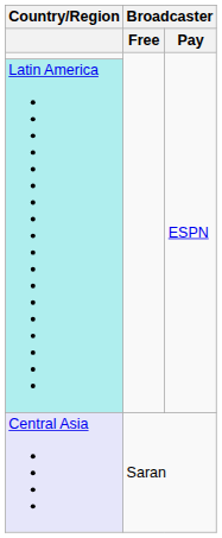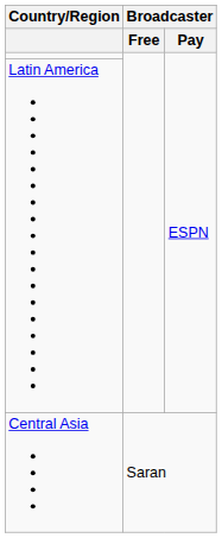 <table class="wikitable">
 <tr>
 <th>Country/Region</th>
 <th colspan="2">Broadcaster</th>
 </tr>
 <tr>
 <th></th>
 <th>Free</th>
 <th>Pay</th>
 </tr>
 <tr>
 <td></td>
 <td rowspan="2"></td>
 <td rowspan="2"><a href='#'>ESPN</a></td>
 </tr>
 <tr>
-<td style="background: paleturquoise;"><a href='#'>Latin America</a><br><ul><li></li><li></li><li></li><li></li><li></li><li></li><li></li><li></li><li></li><li></li><li></li><li></li><li></li><li></li><li></li><li></li><li></li><li></li></ul></td>
+<td><a href='#'>Latin America</a><br><ul><li></li><li></li><li></li><li></li><li></li><li></li><li></li><li></li><li></li><li></li><li></li><li></li><li></li><li></li><li></li><li></li><li></li><li></li></ul></td>
 </tr>
 <tr>
-<td style="background: lavender;"><a href='#'>Central Asia</a><br><ul><li></li><li></li><li></li><li></li></ul></td>
+<td><a href='#'>Central Asia</a><br><ul><li></li><li></li><li></li><li></li></ul></td>
 <td colspan="2">Saran</td>
 </tr>
 </table>
